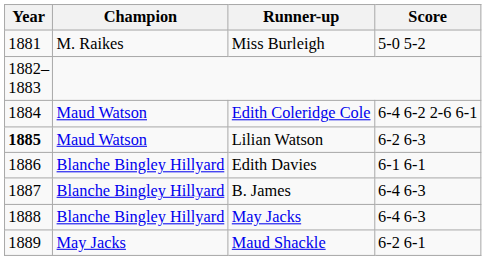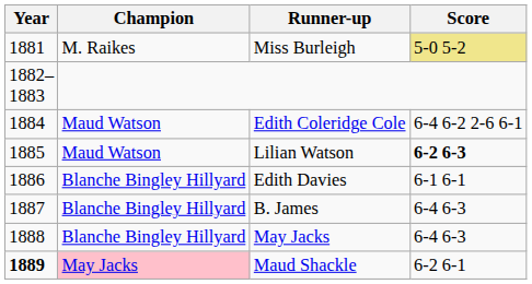 <table class="wikitable sortable">
 <tr>
 <th>Year</th>
 <th>Champion</th>
 <th>Runner-up</th>
 <th>Score</th>
 </tr>
 <tr>
 <td>1881</td>
 <td> M. Raikes</td>
 <td> Miss Burleigh</td>
-<td>5-0 5-2</td>
+<td style="background: khaki;">5-0 5-2</td>
 </tr>
 <tr>
 <td>1882–<br>1883</td>
 <td colspan="3"></td>
 </tr>
 <tr>
 <td>1884</td>
 <td> <a href='#'>Maud Watson</a></td>
 <td> <a href='#'>Edith Coleridge Cole</a></td>
 <td>6-4 6-2 2-6 6-1</td>
 </tr>
 <tr>
-<td><strong>1885</strong></td>
+<td>1885</td>
 <td> <a href='#'>Maud Watson</a></td>
 <td> Lilian Watson</td>
-<td>6-2 6-3</td>
+<td><strong>6-2 6-3</strong></td>
 </tr>
 <tr>
 <td>1886</td>
 <td> <a href='#'>Blanche Bingley Hillyard</a></td>
 <td> Edith Davies</td>
 <td>6-1 6-1</td>
 </tr>
 <tr>
 <td>1887</td>
 <td> <a href='#'>Blanche Bingley Hillyard</a></td>
 <td> B. James</td>
 <td>6-4 6-3</td>
 </tr>
 <tr>
 <td>1888</td>
 <td> <a href='#'>Blanche Bingley Hillyard</a></td>
 <td> <a href='#'>May Jacks</a></td>
 <td>6-4 6-3</td>
 </tr>
 <tr>
-<td>1889</td>
-<td> <a href='#'>May Jacks</a></td>
+<td><strong>1889</strong></td>
+<td style="background: pink;"> <a href='#'>May Jacks</a></td>
 <td> <a href='#'>Maud Shackle</a></td>
 <td>6-2 6-1</td>
 </tr>
 </table>
